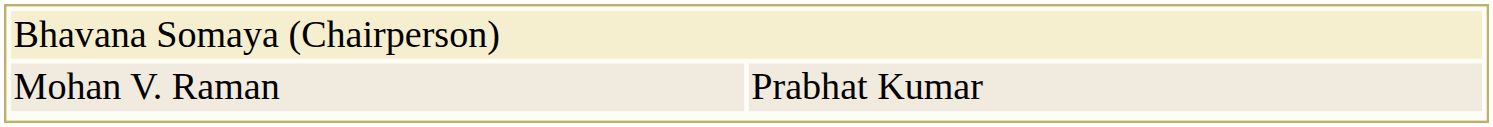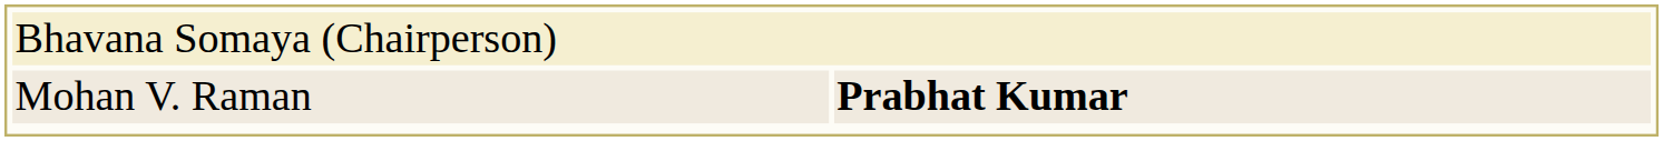 <table style="width:100%;border: 1px solid #BEB168;background-color:#FDFCF6;">
 <tr>
 <td colspan="2" style="background-color:#F5EFD0;"> Bhavana Somaya (Chairperson)</td>
 </tr>
 <tr style="background-color:#F0EADF;">
 <td style="width:50%"> Mohan V. Raman</td>
-<td style="width:50%"> Prabhat Kumar</td>
+<td style="width:50%"><strong> Prabhat Kumar</strong></td>
 </tr>
 <tr style="vertical-align:top;">
 </tr>
 </table>
